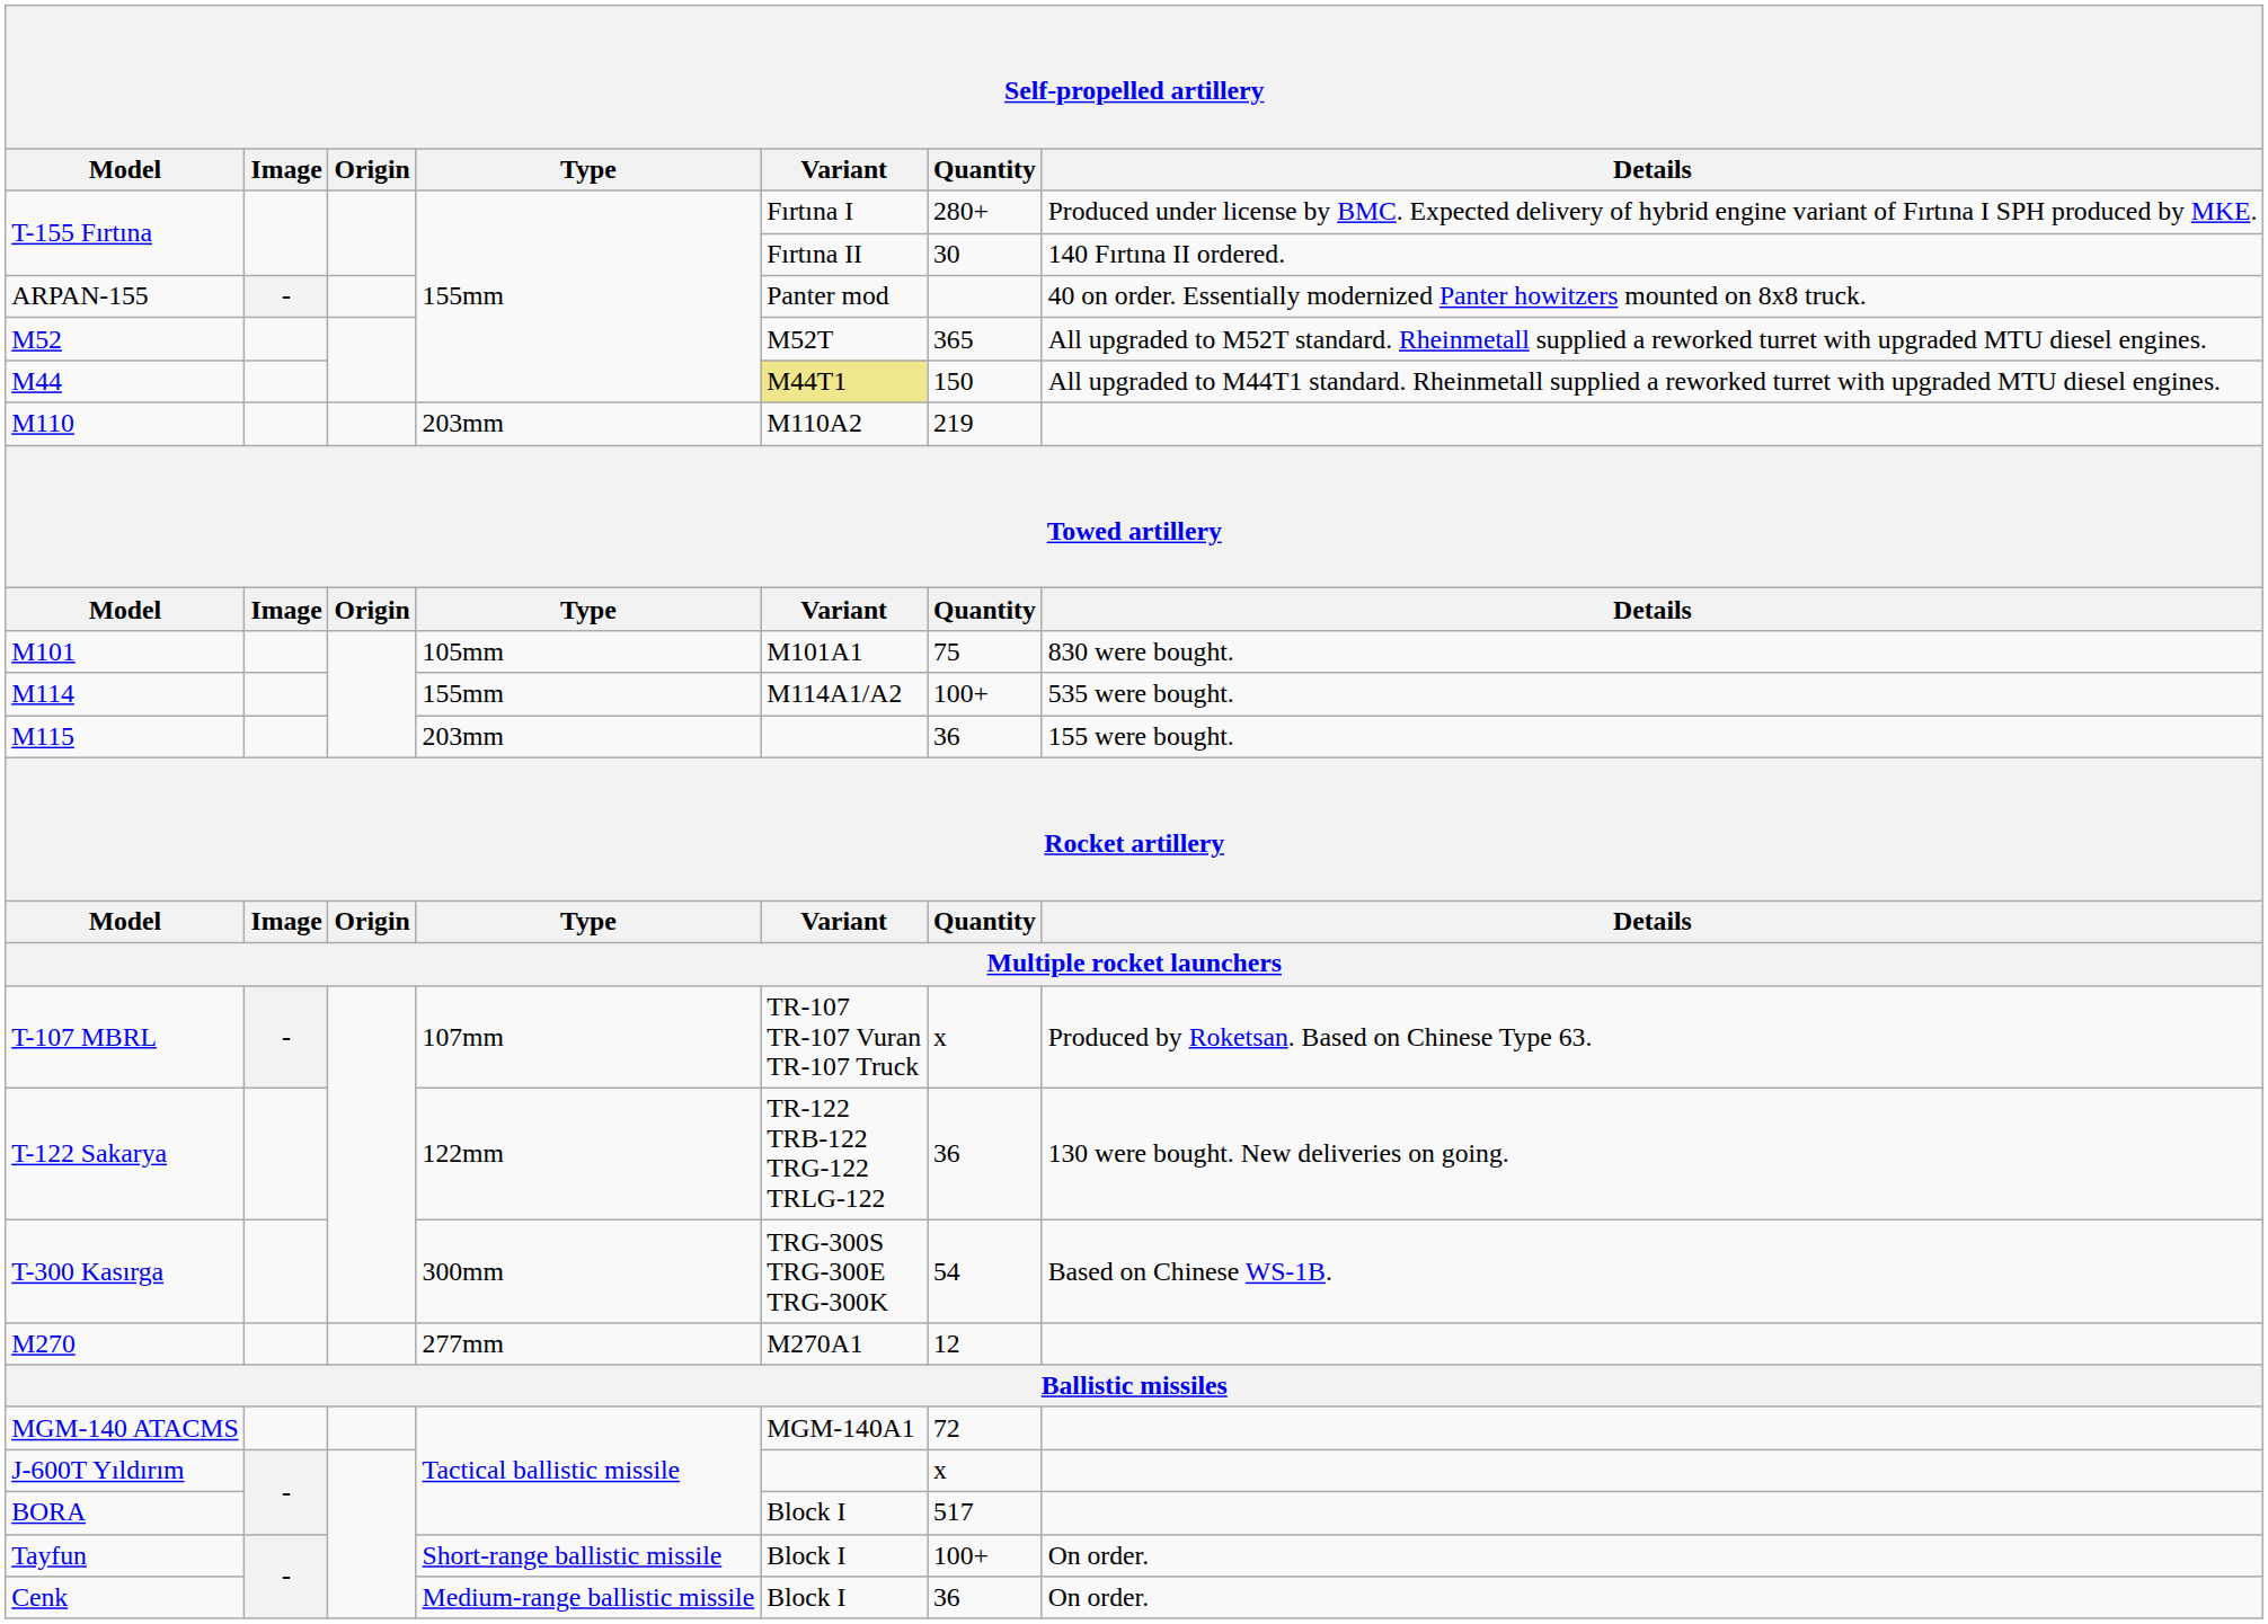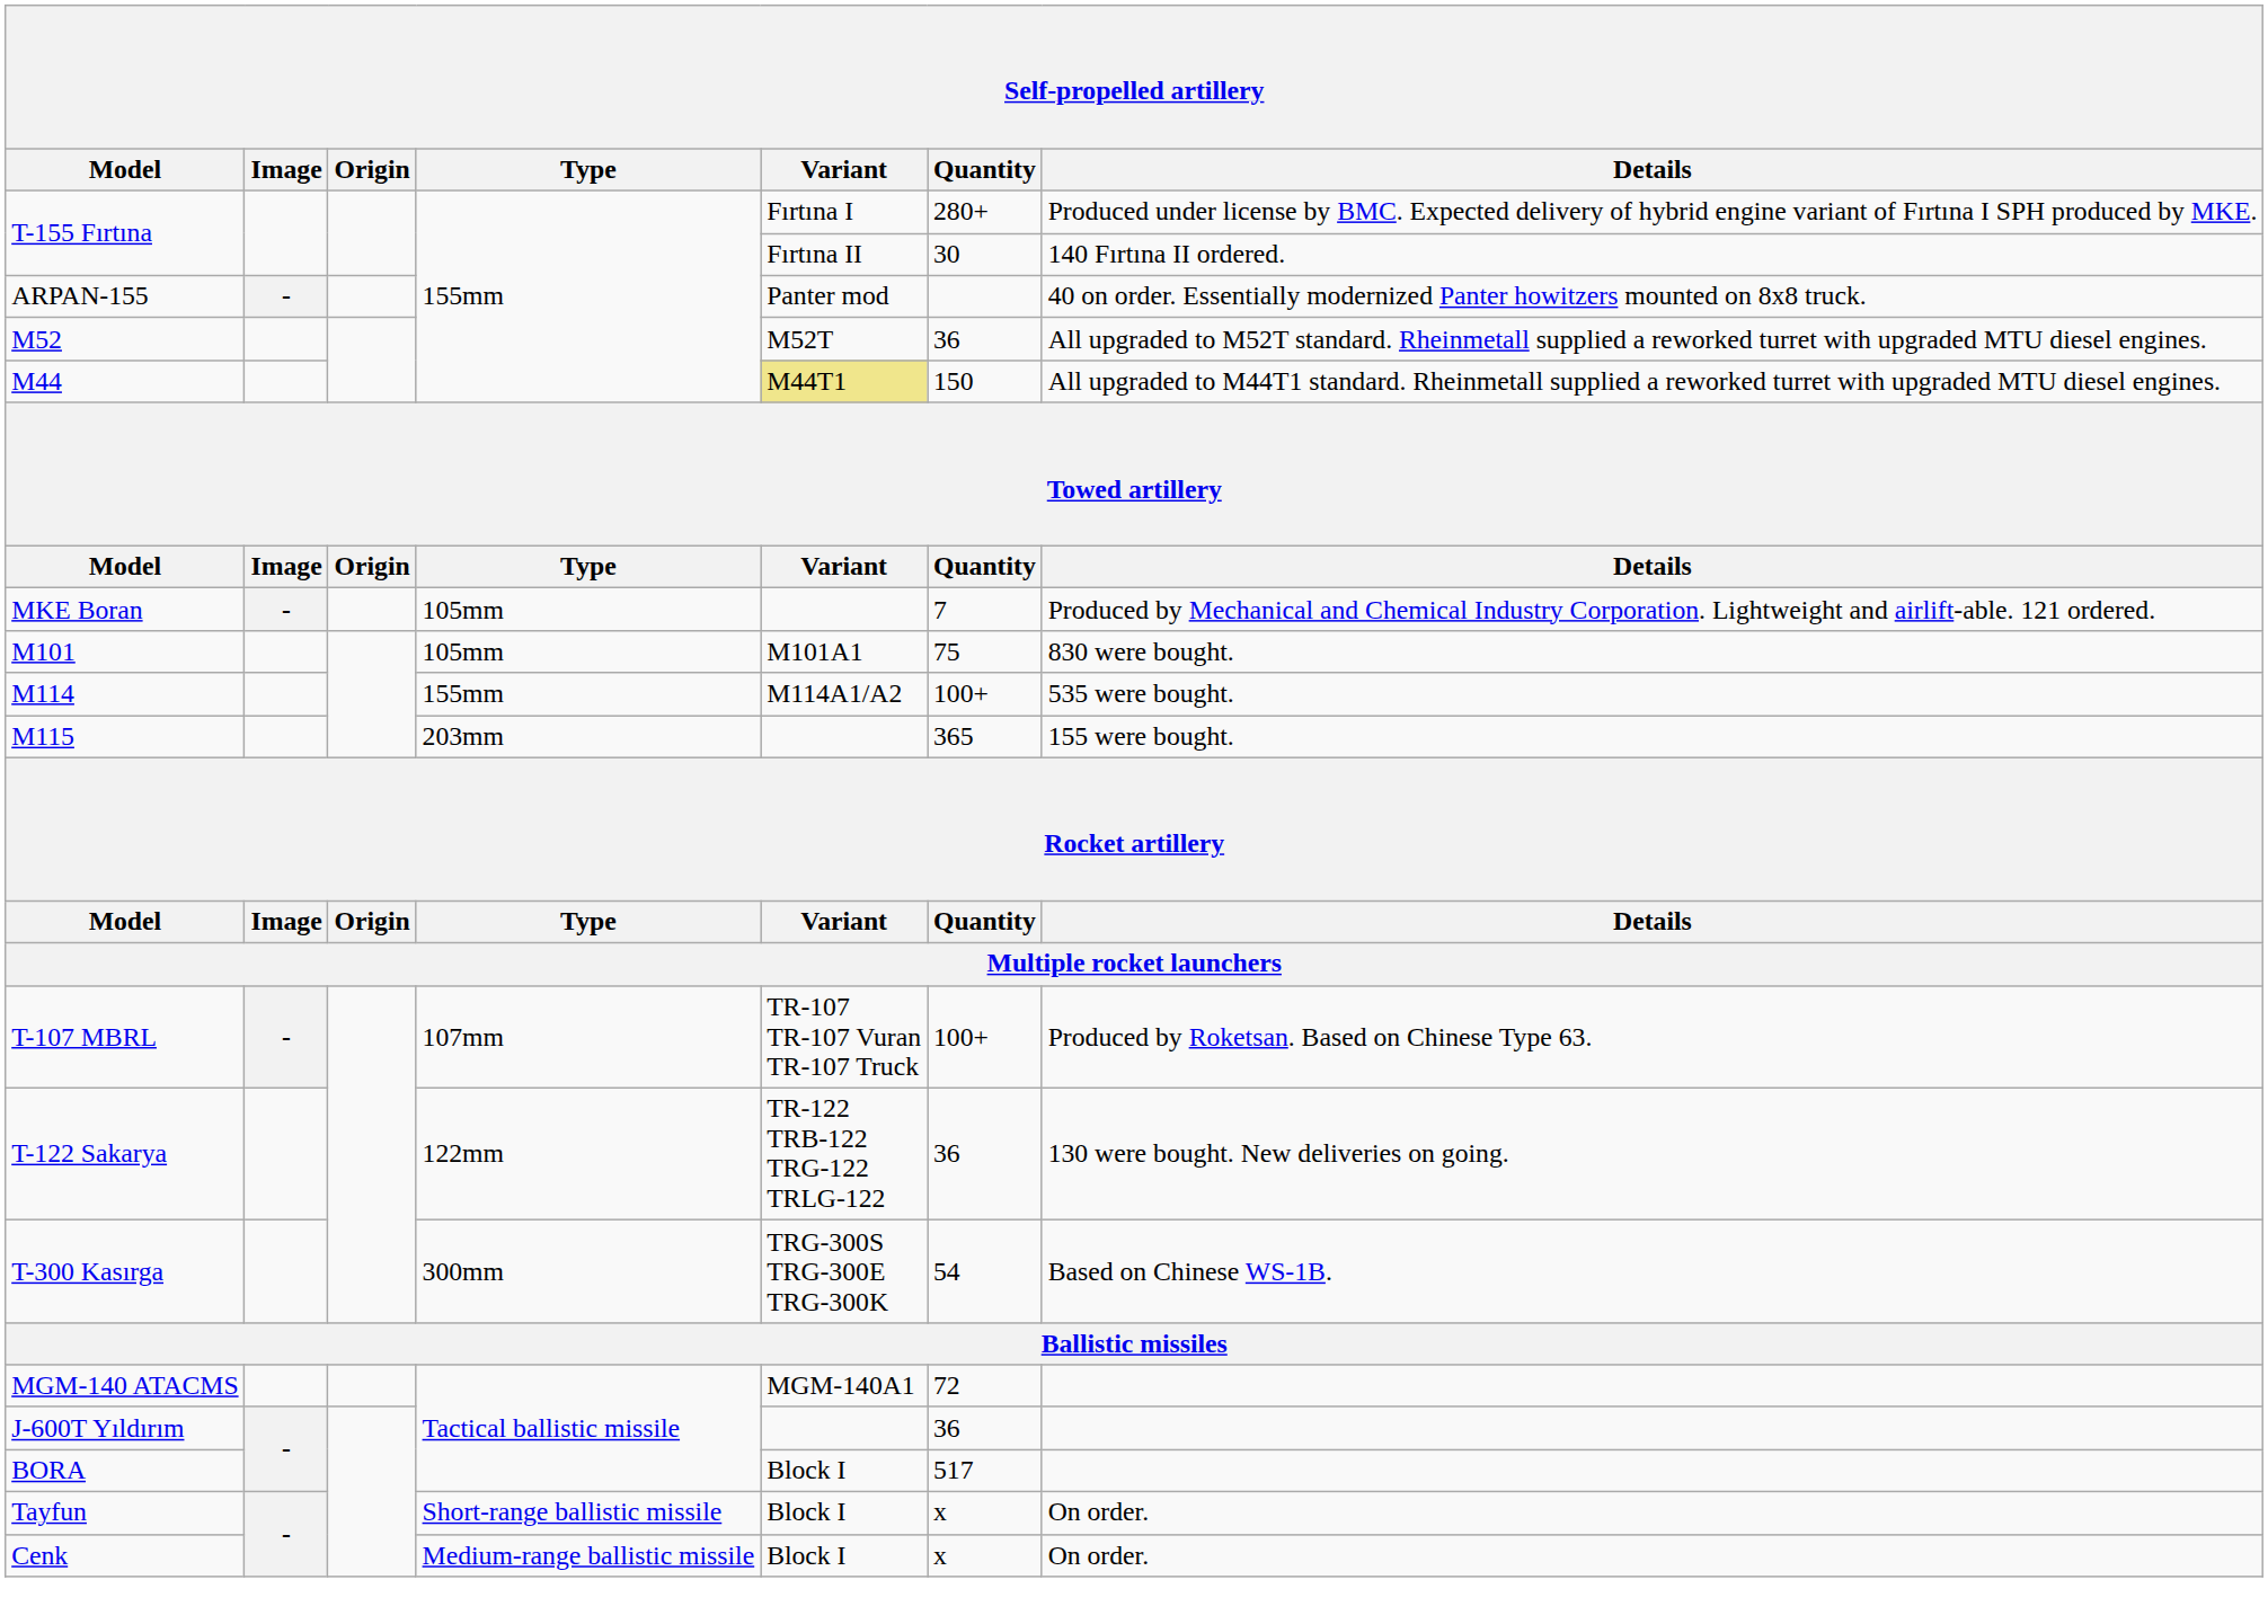 <table class="wikitable">
 <tr>
 <th colspan="7"><br><h4><a href='#'>Self-propelled artillery</a></h4></th>
 </tr>
 <tr>
 <th>Model</th>
 <th>Image</th>
 <th>Origin</th>
 <th>Type</th>
 <th>Variant</th>
 <th>Quantity</th>
 <th>Details</th>
 </tr>
 <tr>
 <td rowspan="2"><a href='#'>T-155 Fırtına</a></td>
 <td rowspan="2"></td>
 <td rowspan="2"><br><small></small></td>
 <td rowspan="5">155mm</td>
 <td>Fırtına I</td>
 <td>280+</td>
 <td>Produced under license by <a href='#'>BMC</a>. Expected delivery of  hybrid engine variant of Fırtına I SPH produced by <a href='#'>MKE</a>.</td>
 </tr>
 <tr>
 <td>Fırtına II</td>
 <td>30</td>
 <td>140 Fırtına II ordered.</td>
 </tr>
 <tr>
 <td>ARPAN-155</td>
 <th>-</th>
 <td></td>
 <td>Panter mod</td>
 <td></td>
 <td>40 on order. Essentially modernized <a href='#'>Panter howitzers</a> mounted on 8x8 truck.</td>
 </tr>
 <tr>
 <td><a href='#'>M52</a></td>
 <td></td>
 <td rowspan="2"><br></td>
 <td>M52T</td>
-<td>365</td>
+<td>36</td>
 <td>All upgraded to M52T standard. <a href='#'>Rheinmetall</a> supplied a reworked turret with upgraded MTU diesel engines.</td>
 </tr>
 <tr>
 <td><a href='#'>M44</a></td>
 <td></td>
 <td style="background: khaki;">M44T1</td>
 <td>150</td>
 <td>All upgraded to M44T1 standard. Rheinmetall supplied a reworked turret with upgraded MTU diesel engines.</td>
-</tr>
-<tr>
-<td><a href='#'>M110</a></td>
-<td></td>
-<td></td>
-<td>203mm</td>
-<td>M110A2</td>
-<td>219</td>
-<td></td>
 </tr>
 <tr valign="top">
 <th colspan="7" style="align: center;"><br><h4><a href='#'>Towed artillery</a></h4></th>
 </tr>
 <tr>
 <th>Model</th>
 <th>Image</th>
 <th>Origin</th>
 <th>Type</th>
 <th>Variant</th>
 <th>Quantity</th>
 <th>Details</th>
+</tr>
+<tr>
+<td><a href='#'>MKE Boran</a></td>
+<th style="text-align: center;">-</th>
+<td></td>
+<td>105mm</td>
+<td></td>
+<td>7</td>
+<td>Produced by <a href='#'>Mechanical and Chemical Industry Corporation</a>. Lightweight and <a href='#'>airlift</a>-able. 121 ordered.</td>
 </tr>
 <tr>
 <td><a href='#'>M101</a></td>
 <td></td>
 <td rowspan="3"></td>
 <td>105mm</td>
 <td>M101A1</td>
 <td>75</td>
 <td>830 were bought.</td>
 </tr>
 <tr>
 <td><a href='#'>M114</a></td>
 <td></td>
 <td>155mm</td>
 <td>M114A1/A2</td>
 <td>100+</td>
 <td>535 were bought.</td>
 </tr>
 <tr>
 <td><a href='#'>M115</a></td>
 <td></td>
 <td>203mm</td>
 <td></td>
-<td>36</td>
+<td>365</td>
 <td>155 were bought.</td>
 </tr>
 <tr valign="top">
 <th colspan="7" style="align: center;"><br><h4><a href='#'>Rocket artillery</a></h4></th>
 </tr>
 <tr>
 <th>Model</th>
 <th>Image</th>
 <th>Origin</th>
 <th>Type</th>
 <th>Variant</th>
 <th>Quantity</th>
 <th>Details</th>
 </tr>
 <tr>
 <th colspan="7"><a href='#'>Multiple rocket launchers</a></th>
 </tr>
 <tr>
 <td><a href='#'>T-107 MBRL</a></td>
 <th>-</th>
 <td rowspan="3"></td>
 <td>107mm</td>
 <td>TR-107<br>TR-107 Vuran<br>TR-107 Truck</td>
-<td>x</td>
+<td>100+</td>
 <td>Produced by <a href='#'>Roketsan</a>. Based on Chinese Type 63.</td>
 </tr>
 <tr>
 <td><a href='#'>T-122 Sakarya</a></td>
 <td></td>
 <td>122mm</td>
 <td>TR-122<br>TRB-122<br>TRG-122<br>TRLG-122</td>
 <td>36</td>
 <td>130 were bought. New deliveries on going.</td>
 </tr>
 <tr>
 <td><a href='#'>T-300 Kasırga</a></td>
 <td></td>
 <td>300mm</td>
 <td>TRG-300S<br>TRG-300E<br>TRG-300K</td>
 <td>54</td>
 <td>Based on Chinese <a href='#'>WS-1B</a>.</td>
 </tr>
 <tr>
-<td><a href='#'>M270</a></td>
-<td></td>
-<td></td>
-<td>277mm</td>
-<td>M270A1</td>
-<td>12</td>
-<td></td>
-</tr>
-<tr>
 <th colspan="7"><a href='#'>Ballistic missiles</a></th>
 </tr>
 <tr>
 <td><a href='#'>MGM-140 ATACMS</a></td>
 <td></td>
 <td></td>
 <td rowspan="3"><a href='#'>Tactical ballistic missile</a></td>
 <td>MGM-140A1</td>
 <td>72</td>
 <td></td>
 </tr>
 <tr>
 <td><a href='#'>J-600T Yıldırım</a></td>
 <th rowspan="2">-</th>
 <td rowspan="4"></td>
 <td></td>
-<td>x</td>
+<td>36</td>
 <td></td>
 </tr>
 <tr>
 <td><a href='#'>BORA</a></td>
 <td>Block I</td>
 <td>517</td>
 <td></td>
 </tr>
 <tr>
 <td><a href='#'>Tayfun</a></td>
 <th rowspan="2">-</th>
 <td><a href='#'>Short-range ballistic missile</a></td>
 <td>Block I</td>
-<td>100+</td>
+<td>x</td>
 <td>On order.</td>
 </tr>
 <tr>
 <td><a href='#'>Cenk</a></td>
 <td><a href='#'>Medium-range ballistic missile</a></td>
 <td>Block I</td>
-<td>36</td>
+<td>x</td>
 <td>On order.</td>
 </tr>
 </table>
